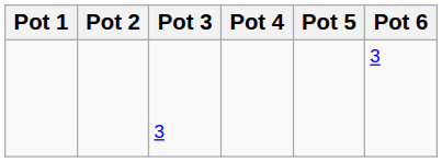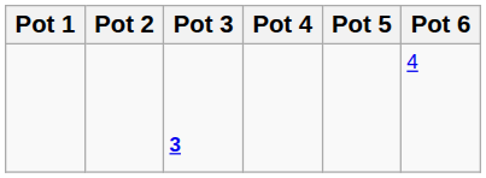 <table class="wikitable">
 <tr>
 <th style="width:15%;">Pot 1</th>
 <th style="width:15%;">Pot 2</th>
 <th style="width:15%;">Pot 3</th>
 <th style="width:15%;">Pot 4</th>
 <th style="width:15%;">Pot 5</th>
 <th style="width:15%;">Pot 6</th>
 </tr>
 <tr>
 <td style="vertical-align: top;"><br><br><br></td>
 <td style="vertical-align: top;"><br><br><br></td>
-<td style="vertical-align: top;"><br><br><br><sup><a href='#'>3</a></sup></td>
+<td style="vertical-align: top;"><strong><br><br><br><sup><a href='#'>3</a></sup></strong></td>
 <td style="vertical-align: top;"><br><br><br></td>
 <td style="vertical-align: top;"><br><br><br></td>
-<td style="vertical-align: top;"><sup><a href='#'>3</a></sup><br><br><br></td>
+<td style="vertical-align: top;"><sup><a href='#'>4</a></sup><br><br><br></td>
 </tr>
 </table>
